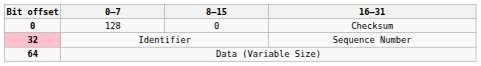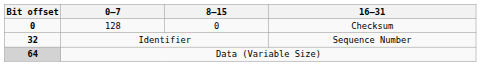 <table class="wikitable" style="text-align:center">
 <tr>
 <th>Bit offset</th>
 <th colspan="8" width="22%">0–7</th>
 <th colspan="8" width="22%">8–15</th>
 <th colspan="16" width="44%">16–31</th>
 </tr>
 <tr>
 <td><strong>0</strong></td>
 <td colspan="8">128</td>
 <td colspan="8">0</td>
 <td colspan="16">Checksum</td>
 </tr>
 <tr>
-<td style="background: pink;"><strong>32</strong></td>
+<td><strong>32</strong></td>
 <td colspan="16">Identifier</td>
 <td colspan="16">Sequence Number</td>
 </tr>
 <tr>
-<td><strong>64</strong></td>
+<td style="background: lightgrey;"><strong>64</strong></td>
 <td colspan="32">Data (Variable Size)</td>
 </tr>
 </table>
